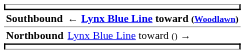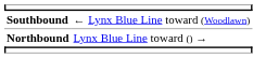 <table border=0 cellspacing=0 cellpadding=3>
 <tr>
 <td style="border-top:solid 1px gray;border-right:solid 2px black;border-left:solid 2px black;border-bottom:solid 2px black;text-align:center;" colspan=2></td>
 </tr>
 <tr>
 <td style="border-bottom:solid 1px gray;"><span><strong>Southbound</strong></span></td>
-<td style="border-bottom:solid 1px gray;"><strong>← <a href='#'>Lynx Blue Line</a> toward  <small>(<a href='#'>Woodlawn</a>)</small></strong></td>
+<td style="border-bottom:solid 1px gray;">← <a href='#'>Lynx Blue Line</a> toward  <small>(<a href='#'>Woodlawn</a>)</small></td>
 </tr>
 <tr>
 <td style="border-bottom:solid 0px gray;"><span><strong>Northbound</strong></span></td>
 <td style="border-bottom:solid 0px gray;"><a href='#'>Lynx Blue Line</a> toward  <small>()</small> →</td>
 </tr>
 <tr>
 <td style="border-top:solid 2px black;border-right:solid 2px black;border-left:solid 2px black;border-bottom:solid 1px gray;text-align:center;" colspan=2></td>
 </tr>
 </table>
